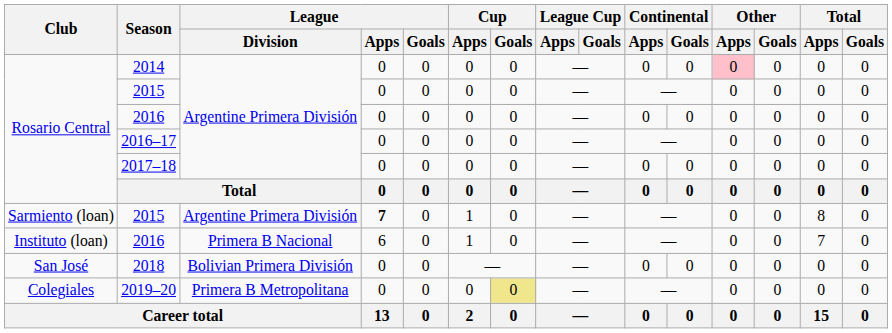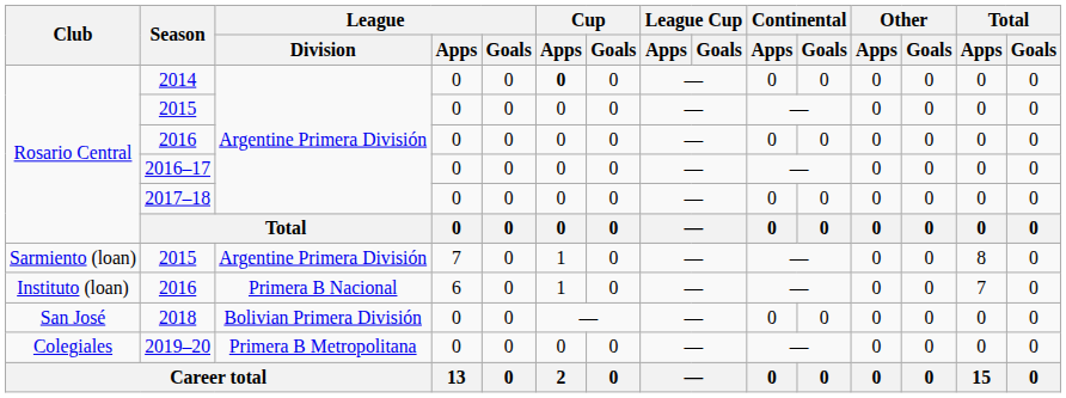 <table class="wikitable" style="text-align:center">
 <tr>
 <th rowspan="2">Club</th>
 <th rowspan="2">Season</th>
 <th colspan="3">League</th>
 <th colspan="2">Cup</th>
 <th colspan="2">League Cup</th>
 <th colspan="2">Continental</th>
 <th colspan="2">Other</th>
 <th colspan="2">Total</th>
 </tr>
 <tr>
 <th>Division</th>
 <th>Apps</th>
 <th>Goals</th>
 <th>Apps</th>
 <th>Goals</th>
 <th>Apps</th>
 <th>Goals</th>
 <th>Apps</th>
 <th>Goals</th>
 <th>Apps</th>
 <th>Goals</th>
 <th>Apps</th>
 <th>Goals</th>
 </tr>
 <tr>
 <td rowspan="6"><a href='#'>Rosario Central</a></td>
 <td><a href='#'>2014</a></td>
 <td rowspan="5"><a href='#'>Argentine Primera División</a></td>
 <td>0</td>
 <td>0</td>
-<td>0</td>
+<td><strong>0</strong></td>
 <td>0</td>
 <td colspan="2">—</td>
 <td>0</td>
 <td>0</td>
-<td style="background: pink;">0</td>
+<td>0</td>
 <td>0</td>
 <td>0</td>
 <td>0</td>
 </tr>
 <tr>
 <td><a href='#'>2015</a></td>
 <td>0</td>
 <td>0</td>
 <td>0</td>
 <td>0</td>
 <td colspan="2">—</td>
 <td colspan="2">—</td>
 <td>0</td>
 <td>0</td>
 <td>0</td>
 <td>0</td>
 </tr>
 <tr>
 <td><a href='#'>2016</a></td>
 <td>0</td>
 <td>0</td>
 <td>0</td>
 <td>0</td>
 <td colspan="2">—</td>
 <td>0</td>
 <td>0</td>
 <td>0</td>
 <td>0</td>
 <td>0</td>
 <td>0</td>
 </tr>
 <tr>
 <td><a href='#'>2016–17</a></td>
 <td>0</td>
 <td>0</td>
 <td>0</td>
 <td>0</td>
 <td colspan="2">—</td>
 <td colspan="2">—</td>
 <td>0</td>
 <td>0</td>
 <td>0</td>
 <td>0</td>
 </tr>
 <tr>
 <td><a href='#'>2017–18</a></td>
 <td>0</td>
 <td>0</td>
 <td>0</td>
 <td>0</td>
 <td colspan="2">—</td>
 <td>0</td>
 <td>0</td>
 <td>0</td>
 <td>0</td>
 <td>0</td>
 <td>0</td>
 </tr>
 <tr>
 <th colspan="2">Total</th>
 <th>0</th>
 <th>0</th>
 <th>0</th>
 <th>0</th>
 <th colspan="2">—</th>
 <th>0</th>
 <th>0</th>
 <th>0</th>
 <th>0</th>
 <th>0</th>
 <th>0</th>
 </tr>
 <tr>
 <td rowspan="1"><a href='#'>Sarmiento</a> (loan)</td>
 <td><a href='#'>2015</a></td>
 <td rowspan="1"><a href='#'>Argentine Primera División</a></td>
-<td><strong>7</strong></td>
+<td>7</td>
 <td>0</td>
 <td>1</td>
 <td>0</td>
 <td colspan="2">—</td>
 <td colspan="2">—</td>
 <td>0</td>
 <td>0</td>
 <td>8</td>
 <td>0</td>
 </tr>
 <tr>
 <td rowspan="1"><a href='#'>Instituto</a> (loan)</td>
 <td><a href='#'>2016</a></td>
 <td rowspan="1"><a href='#'>Primera B Nacional</a></td>
 <td>6</td>
 <td>0</td>
 <td>1</td>
 <td>0</td>
 <td colspan="2">—</td>
 <td colspan="2">—</td>
 <td>0</td>
 <td>0</td>
 <td>7</td>
 <td>0</td>
 </tr>
 <tr>
 <td rowspan="1"><a href='#'>San José</a></td>
 <td><a href='#'>2018</a></td>
 <td rowspan="1"><a href='#'>Bolivian Primera División</a></td>
 <td>0</td>
 <td>0</td>
 <td colspan="2">—</td>
 <td colspan="2">—</td>
 <td>0</td>
 <td>0</td>
 <td>0</td>
 <td>0</td>
 <td>0</td>
 <td>0</td>
 </tr>
 <tr>
 <td rowspan="1"><a href='#'>Colegiales</a></td>
 <td><a href='#'>2019–20</a></td>
 <td rowspan="1"><a href='#'>Primera B Metropolitana</a></td>
 <td>0</td>
 <td>0</td>
 <td>0</td>
-<td style="background: khaki;">0</td>
+<td>0</td>
 <td colspan="2">—</td>
 <td colspan="2">—</td>
 <td>0</td>
 <td>0</td>
 <td>0</td>
 <td>0</td>
 </tr>
 <tr>
 <th colspan="3">Career total</th>
 <th>13</th>
 <th>0</th>
 <th>2</th>
 <th>0</th>
 <th colspan="2">—</th>
 <th>0</th>
 <th>0</th>
 <th>0</th>
 <th>0</th>
 <th>15</th>
 <th>0</th>
 </tr>
 </table>
